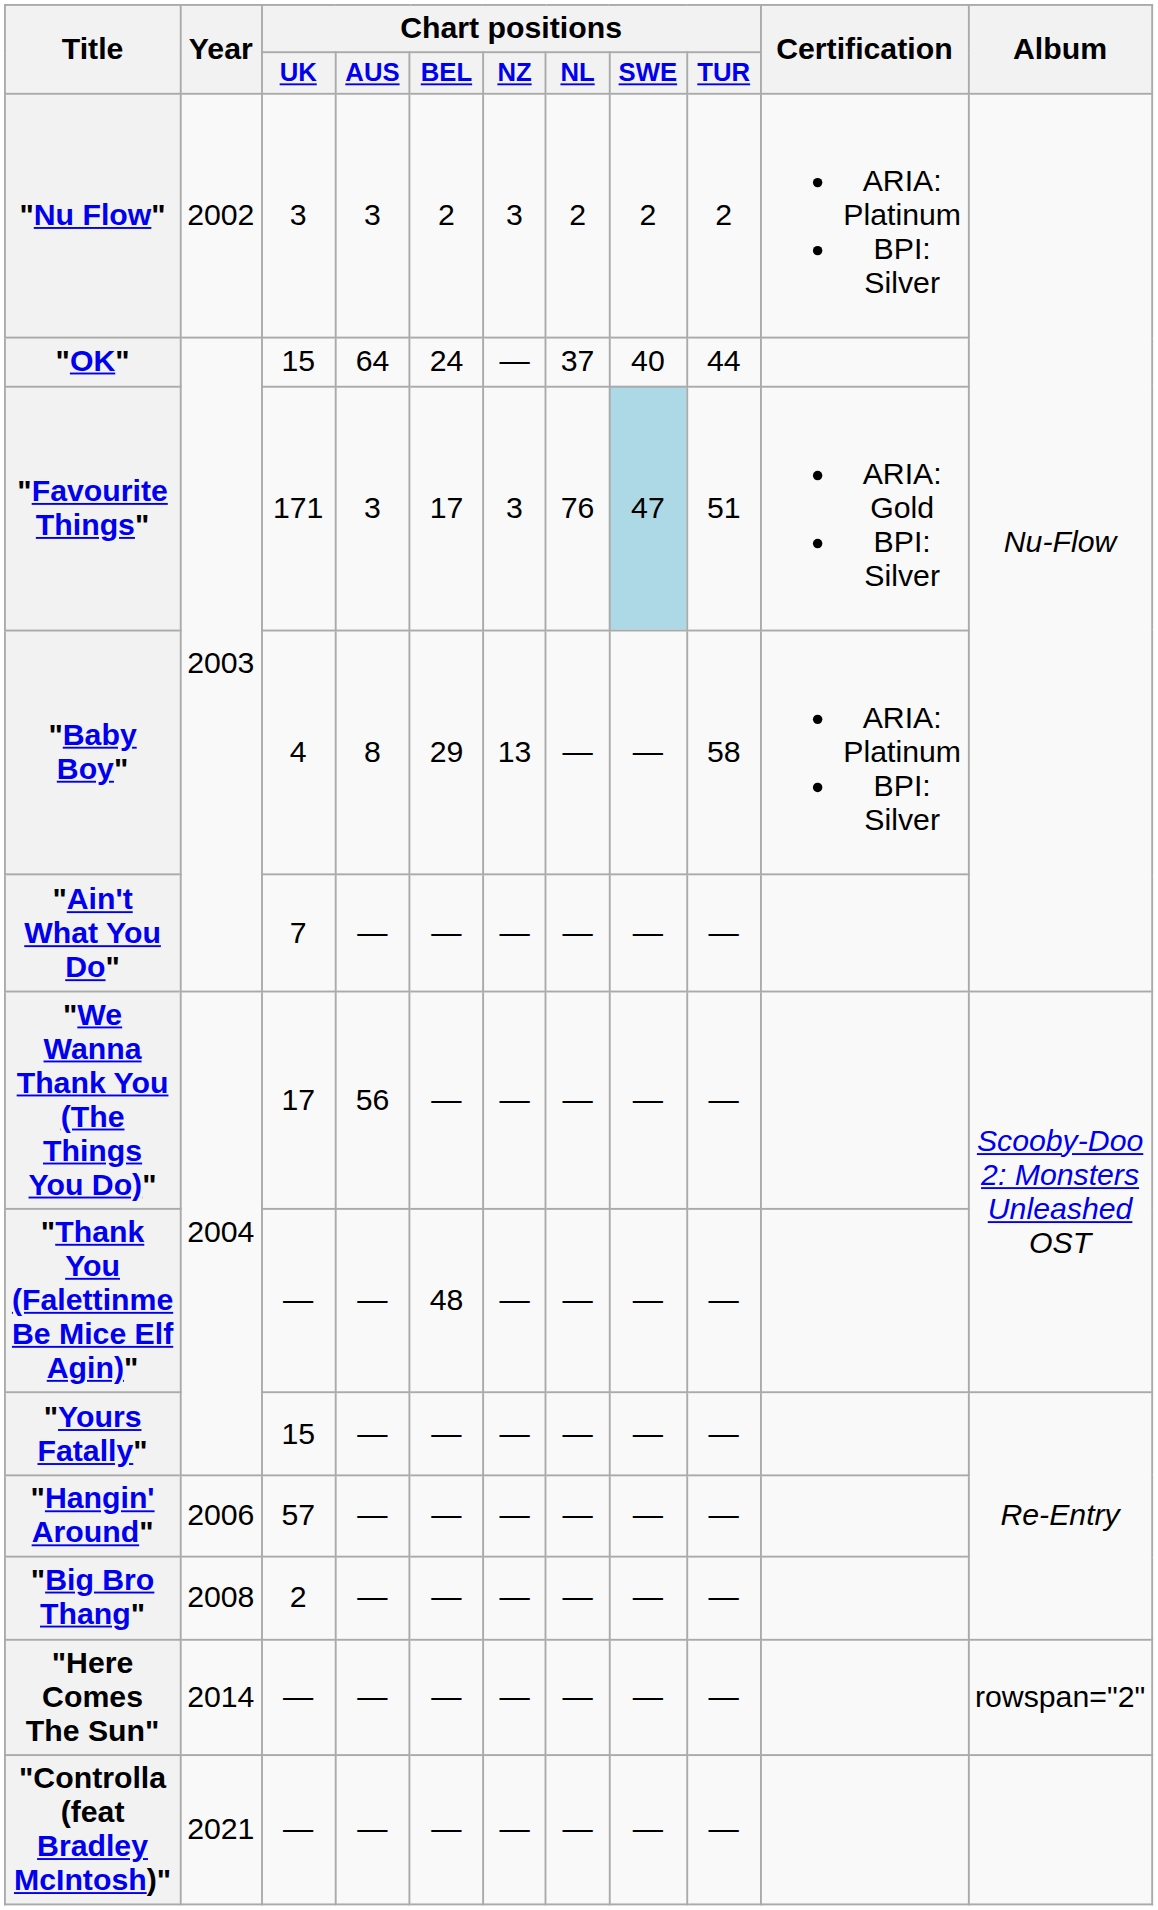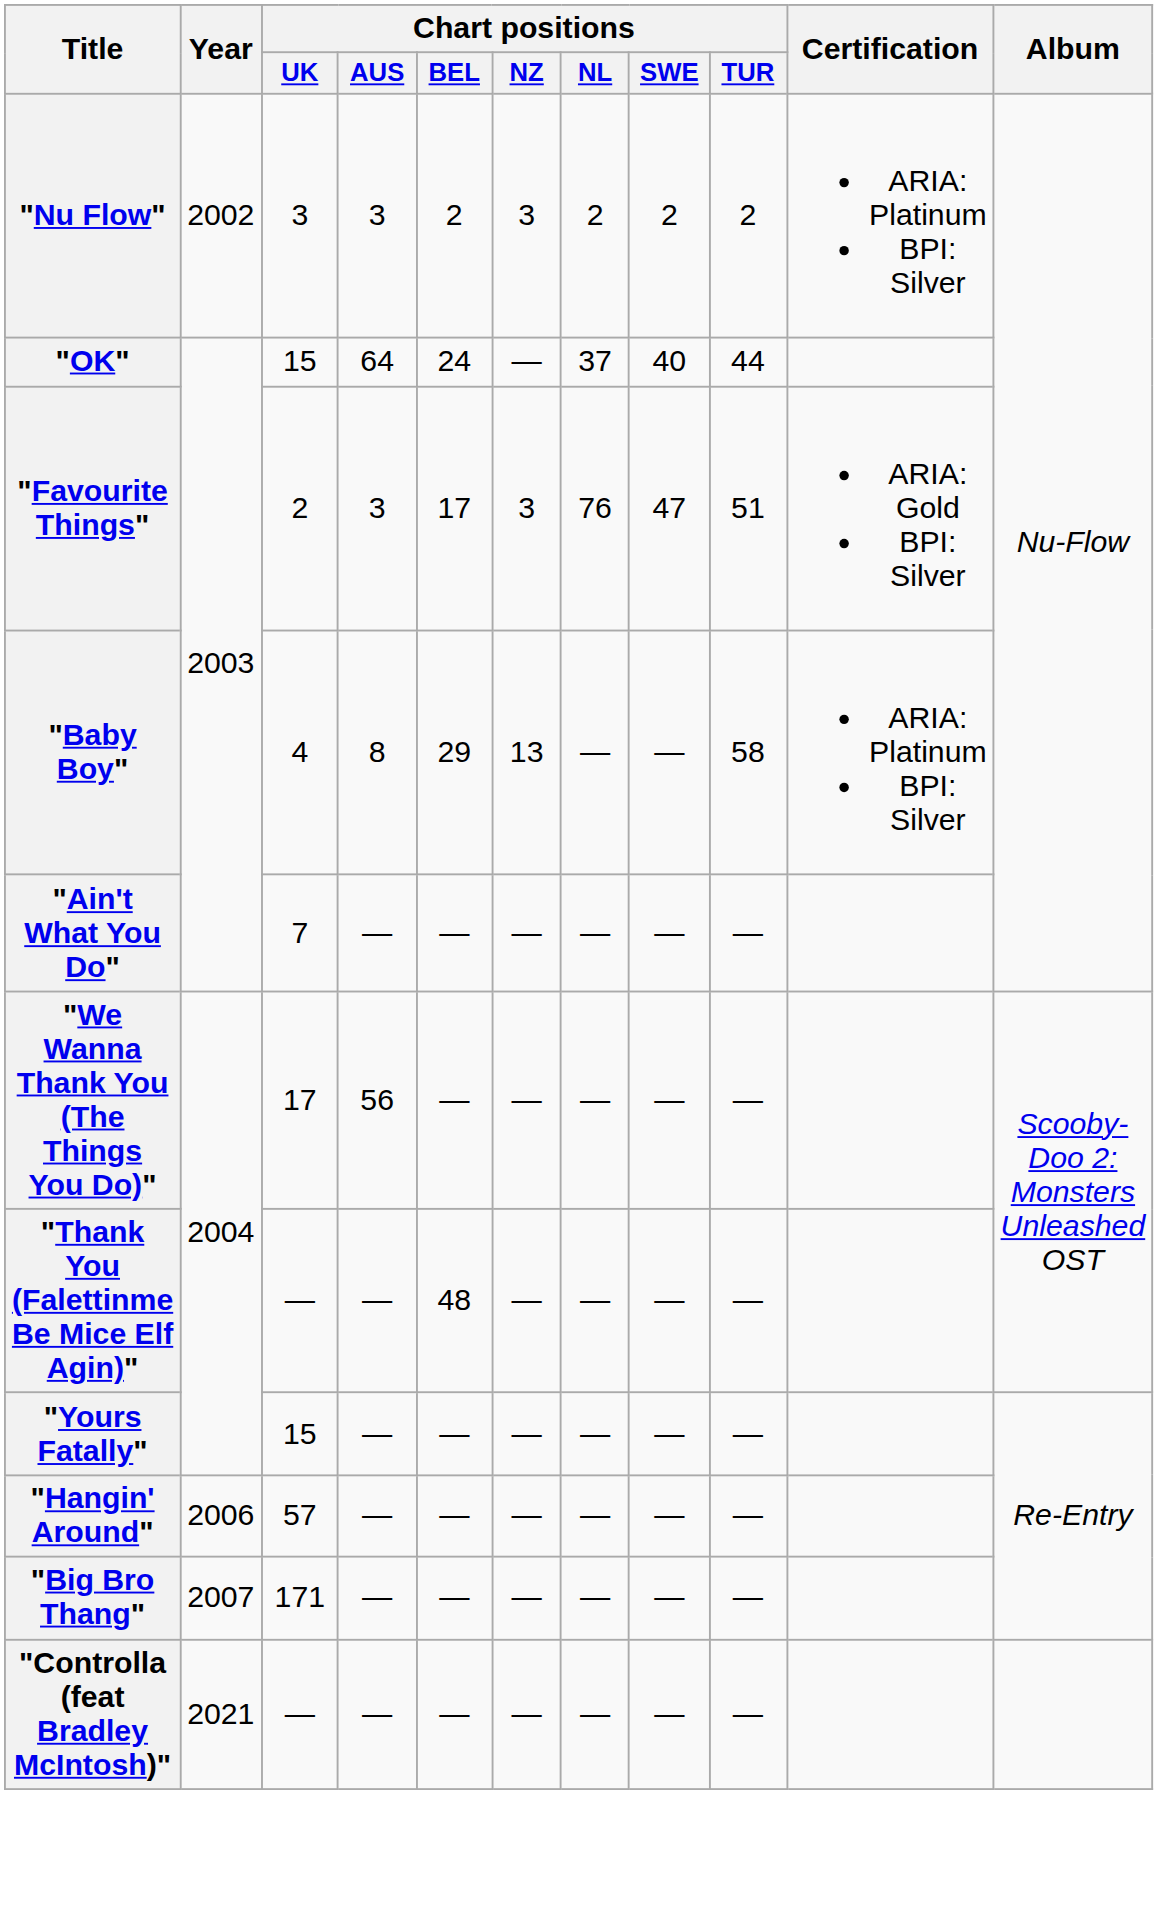 <table class="wikitable plainrowheaders" style="text-align:center">
 <tr>
 <th rowspan="2">Title</th>
 <th rowspan="2">Year</th>
 <th colspan="7">Chart positions</th>
 <th rowspan="2">Certification</th>
 <th rowspan="2">Album</th>
 </tr>
 <tr>
 <th style="width:3em;font-size:85%"><a href='#'>UK</a><br></th>
 <th style="width:3em;font-size:85%"><a href='#'>AUS</a><br></th>
 <th style="width:3em;font-size:85%"><a href='#'>BEL</a><br></th>
 <th style="width:3em;font-size:85%"><a href='#'>NZ</a><br></th>
 <th style="width:3em;font-size:85%"><a href='#'>NL</a><br></th>
 <th style="width:3em;font-size:85%"><a href='#'>SWE</a><br></th>
 <th style="width:3em;font-size:85%"><a href='#'>TUR</a><br></th>
 </tr>
 <tr>
 <th scope="row">"<a href='#'>Nu Flow</a>"</th>
 <td>2002</td>
 <td>3</td>
 <td>3</td>
 <td>2</td>
 <td>3</td>
 <td>2</td>
 <td>2</td>
 <td>2</td>
 <td><br><ul><li>ARIA: Platinum</li><li>BPI: Silver</li></ul></td>
 <td rowspan="5"><em>Nu-Flow</em></td>
 </tr>
 <tr>
 <th scope="row">"<a href='#'>OK</a>"</th>
 <td rowspan="4">2003</td>
 <td>15</td>
 <td>64</td>
 <td>24</td>
 <td>—</td>
 <td>37</td>
 <td>40</td>
 <td>44</td>
 <td></td>
 </tr>
 <tr>
 <th scope="row">"<a href='#'>Favourite Things</a>"</th>
-<td>171</td>
+<td>2</td>
 <td>3</td>
 <td>17</td>
 <td>3</td>
 <td>76</td>
-<td style="background: lightblue;">47</td>
+<td>47</td>
 <td>51</td>
 <td><br><ul><li>ARIA: Gold</li><li>BPI: Silver</li></ul></td>
 </tr>
 <tr>
 <th scope="row">"<a href='#'>Baby Boy</a>"</th>
 <td>4</td>
 <td>8</td>
 <td>29</td>
 <td>13</td>
 <td>—</td>
 <td>—</td>
 <td>58</td>
 <td><br><ul><li>ARIA: Platinum</li><li>BPI: Silver</li></ul></td>
 </tr>
 <tr>
 <th scope="row">"<a href='#'>Ain't What You Do</a>"</th>
 <td>7</td>
 <td>—</td>
 <td>—</td>
 <td>—</td>
 <td>—</td>
 <td>—</td>
 <td>—</td>
 <td></td>
 </tr>
 <tr>
 <th scope="row">"<a href='#'>We Wanna Thank You (The Things You Do)</a>"</th>
 <td rowspan="3">2004</td>
 <td>17</td>
 <td>56</td>
 <td>—</td>
 <td>—</td>
 <td>—</td>
 <td>—</td>
 <td>—</td>
 <td></td>
 <td rowspan="2"><em><a href='#'>Scooby-Doo 2: Monsters Unleashed</a> OST</em></td>
 </tr>
 <tr>
 <th scope="row">"<a href='#'>Thank You (Falettinme Be Mice Elf Agin)</a>"</th>
 <td>—</td>
 <td>—</td>
 <td>48</td>
 <td>—</td>
 <td>—</td>
 <td>—</td>
 <td>—</td>
 <td></td>
 </tr>
 <tr>
 <th scope="row">"<a href='#'>Yours Fatally</a>"</th>
 <td>15</td>
 <td>—</td>
 <td>—</td>
 <td>—</td>
 <td>—</td>
 <td>—</td>
 <td>—</td>
 <td></td>
 <td rowspan="3"><em>Re-Entry</em></td>
 </tr>
 <tr>
 <th scope="row">"<a href='#'>Hangin' Around</a>"</th>
 <td>2006</td>
 <td>57</td>
 <td>—</td>
 <td>—</td>
 <td>—</td>
 <td>—</td>
 <td>—</td>
 <td>—</td>
 <td></td>
 </tr>
 <tr>
 <th scope="row">"<a href='#'>Big Bro Thang</a>"</th>
-<td>2008</td>
-<td>2</td>
+<td>2007</td>
+<td>171</td>
 <td>—</td>
 <td>—</td>
 <td>—</td>
 <td>—</td>
 <td>—</td>
 <td>—</td>
 <td></td>
-</tr>
-<tr>
-<th scope="row">"Here Comes The Sun"</th>
-<td>2014</td>
-<td>—</td>
-<td>—</td>
-<td>—</td>
-<td>—</td>
-<td>—</td>
-<td>—</td>
-<td>—</td>
-<td></td>
-<td>rowspan="2" </td>
 </tr>
 <tr>
 <th scope="row">"Controlla (feat <a href='#'>Bradley McIntosh</a>)"</th>
 <td>2021</td>
 <td>—</td>
 <td>—</td>
 <td>—</td>
 <td>—</td>
 <td>—</td>
 <td>—</td>
 <td>—</td>
 <td></td>
 </tr>
 </table>
